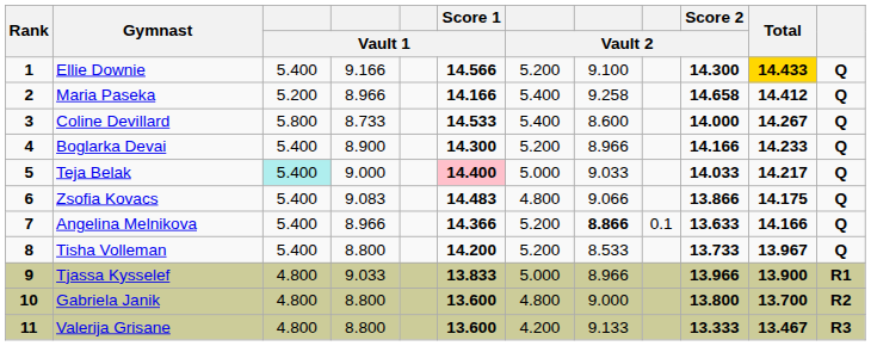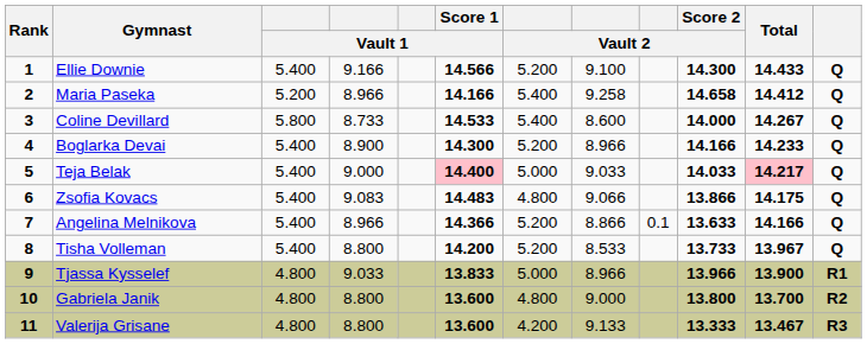 <table class="wikitable sortable" style="text-align:center">
 <tr>
 <th style="width:15px" rowspan="2">Rank</th>
 <th style="width:200px" rowspan="2">Gymnast</th>
 <th style="width:60px"></th>
 <th style="width:60px"></th>
 <th style="width:30px"></th>
 <th style="width:60px">Score 1</th>
 <th style="width:60px"></th>
 <th style="width:60px"></th>
 <th style="width:30px"></th>
 <th style="width:60px">Score 2</th>
 <th style="width:60px" rowspan="2">Total</th>
 <th style="width:40px" rowspan="2"></th>
 </tr>
 <tr>
 <th colspan="4">Vault 1</th>
 <th colspan="4">Vault 2</th>
 </tr>
 <tr>
 <td scope="row"><strong>1</strong></td>
 <td style="text-align:left"> <a href='#'>Ellie Downie</a></td>
 <td>5.400</td>
 <td>9.166</td>
 <td></td>
 <td><strong>14.566</strong></td>
 <td>5.200</td>
 <td>9.100</td>
 <td></td>
 <td><strong>14.300</strong></td>
-<td style="background: gold;"><strong>14.433</strong></td>
+<td><strong>14.433</strong></td>
 <td><strong>Q</strong></td>
 </tr>
 <tr>
 <td scope="row"><strong>2</strong></td>
 <td style="text-align:left"> <a href='#'>Maria Paseka</a></td>
 <td>5.200</td>
 <td>8.966</td>
 <td></td>
 <td><strong>14.166</strong></td>
 <td>5.400</td>
 <td>9.258</td>
 <td></td>
 <td><strong>14.658</strong></td>
 <td><strong>14.412</strong></td>
 <td><strong>Q</strong></td>
 </tr>
 <tr>
 <td scope="row"><strong>3</strong></td>
 <td style="text-align:left"> <a href='#'>Coline Devillard</a></td>
 <td>5.800</td>
 <td>8.733</td>
 <td></td>
 <td><strong>14.533</strong></td>
 <td>5.400</td>
 <td>8.600</td>
 <td></td>
 <td><strong>14.000</strong></td>
 <td><strong>14.267</strong></td>
 <td><strong>Q</strong></td>
 </tr>
 <tr>
 <td scope="row"><strong>4</strong></td>
 <td style="text-align:left"> <a href='#'>Boglarka Devai</a></td>
 <td>5.400</td>
 <td>8.900</td>
 <td></td>
 <td><strong>14.300</strong></td>
 <td>5.200</td>
 <td>8.966</td>
 <td></td>
 <td><strong>14.166</strong></td>
 <td><strong>14.233</strong></td>
 <td><strong>Q</strong></td>
 </tr>
 <tr>
 <td scope="row"><strong>5</strong></td>
 <td style="text-align:left"> <a href='#'>Teja Belak</a></td>
-<td style="background: paleturquoise;">5.400</td>
+<td>5.400</td>
 <td>9.000</td>
 <td></td>
 <td style="background: pink;"><strong>14.400</strong></td>
 <td>5.000</td>
 <td>9.033</td>
 <td></td>
 <td><strong>14.033</strong></td>
-<td><strong>14.217</strong></td>
+<td style="background: pink;"><strong>14.217</strong></td>
 <td><strong>Q</strong></td>
 </tr>
 <tr>
 <td scope="row"><strong>6</strong></td>
 <td style="text-align:left"> <a href='#'>Zsofia Kovacs</a></td>
 <td>5.400</td>
 <td>9.083</td>
 <td></td>
 <td><strong>14.483</strong></td>
 <td>4.800</td>
 <td>9.066</td>
 <td></td>
 <td><strong>13.866</strong></td>
 <td><strong>14.175</strong></td>
 <td><strong>Q</strong></td>
 </tr>
 <tr>
 <td scope="row"><strong>7</strong></td>
 <td style="text-align:left"> <a href='#'>Angelina Melnikova</a></td>
 <td>5.400</td>
 <td>8.966</td>
 <td></td>
 <td><strong>14.366</strong></td>
 <td>5.200</td>
-<td><strong>8.866</strong></td>
+<td>8.866</td>
 <td>0.1</td>
 <td><strong>13.633</strong></td>
 <td><strong>14.166</strong></td>
 <td><strong>Q</strong></td>
 </tr>
 <tr>
 <td scope="row"><strong>8</strong></td>
 <td style="text-align:left"> <a href='#'>Tisha Volleman</a></td>
 <td>5.400</td>
 <td>8.800</td>
 <td></td>
 <td><strong>14.200</strong></td>
 <td>5.200</td>
 <td>8.533</td>
 <td></td>
 <td><strong>13.733</strong></td>
 <td><strong>13.967</strong></td>
 <td><strong>Q</strong></td>
 </tr>
 <tr style="background:#cccc99">
 <td scope="row"><strong>9</strong></td>
 <td style="text-align:left"> <a href='#'>Tjassa Kysselef</a></td>
 <td>4.800</td>
 <td>9.033</td>
 <td></td>
 <td><strong>13.833</strong></td>
 <td>5.000</td>
 <td>8.966</td>
 <td></td>
 <td><strong>13.966</strong></td>
 <td><strong>13.900</strong></td>
 <td><strong>R1</strong></td>
 </tr>
 <tr style="background:#cccc99">
 <td scope="row"><strong>10</strong></td>
 <td style="text-align:left"> <a href='#'>Gabriela Janik</a></td>
 <td>4.800</td>
 <td>8.800</td>
 <td></td>
 <td><strong>13.600</strong></td>
 <td>4.800</td>
 <td>9.000</td>
 <td></td>
 <td><strong>13.800</strong></td>
 <td><strong>13.700</strong></td>
 <td><strong>R2</strong></td>
 </tr>
 <tr style="background:#cccc99">
 <td scope="row"><strong>11</strong></td>
 <td style="text-align:left"> <a href='#'>Valerija Grisane</a></td>
 <td>4.800</td>
 <td>8.800</td>
 <td></td>
 <td><strong>13.600</strong></td>
 <td>4.200</td>
 <td>9.133</td>
 <td></td>
 <td><strong>13.333</strong></td>
 <td><strong>13.467</strong></td>
 <td><strong>R3</strong></td>
 </tr>
 </table>
